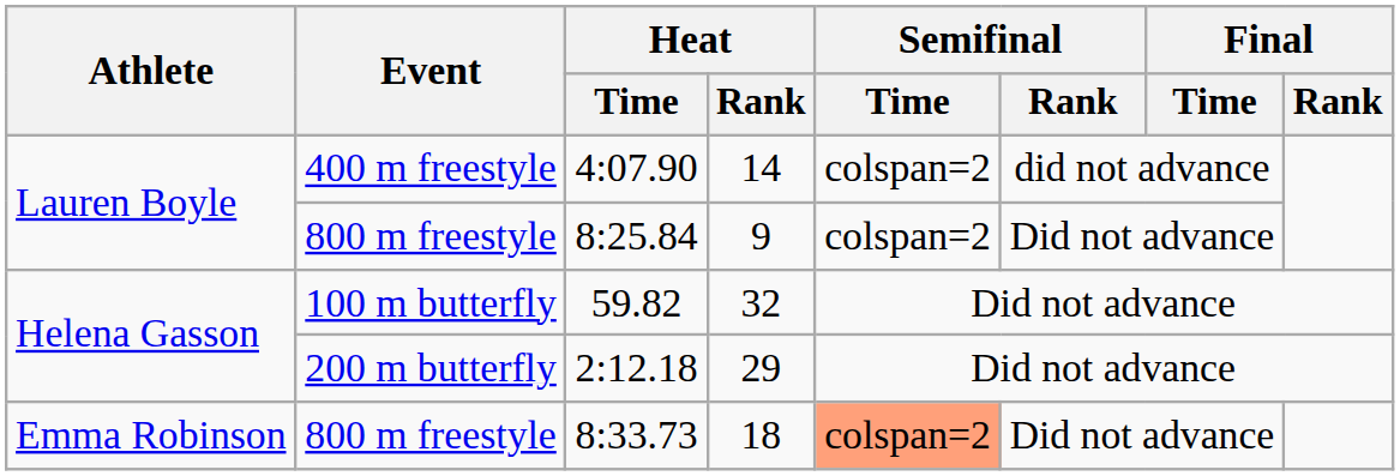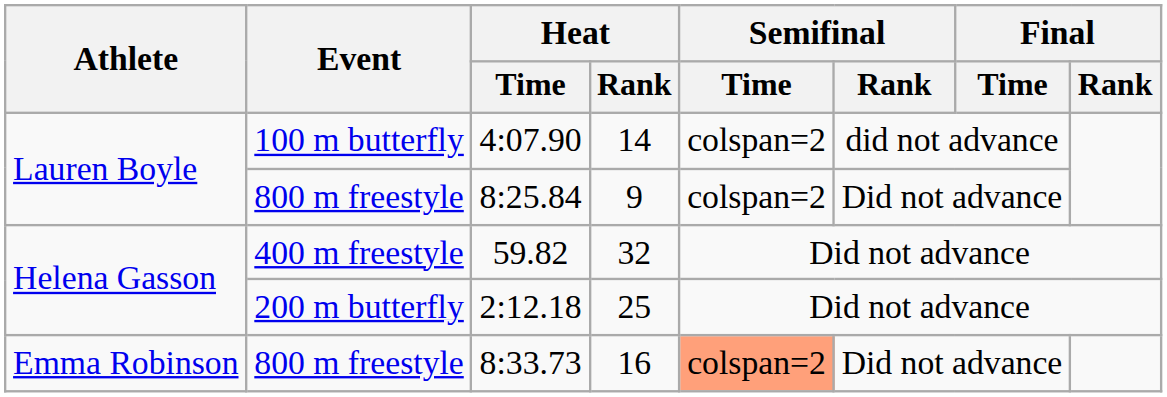 <table class=wikitable style="font-size:90%">
 <tr>
 <th rowspan="2">Athlete</th>
 <th rowspan="2">Event</th>
 <th colspan="2">Heat</th>
 <th colspan="2">Semifinal</th>
 <th colspan="2">Final</th>
 </tr>
 <tr style="font-size:95%">
 <th>Time</th>
 <th>Rank</th>
 <th>Time</th>
 <th>Rank</th>
 <th>Time</th>
 <th>Rank</th>
 </tr>
 <tr align=center>
 <td align=left rowspan=2><a href='#'>Lauren Boyle</a></td>
-<td align=left><a href='#'>400 m freestyle</a></td>
+<td align=left><a href='#'>100 m butterfly</a></td>
 <td>4:07.90</td>
 <td>14</td>
 <td>colspan=2 </td>
 <td colspan=2>did not advance</td>
 </tr>
 <tr align=center>
 <td align=left><a href='#'>800 m freestyle</a></td>
 <td>8:25.84</td>
 <td>9</td>
 <td>colspan=2 </td>
 <td colspan=2>Did not advance</td>
 </tr>
 <tr align=center>
 <td align=left rowspan=2><a href='#'>Helena Gasson</a></td>
-<td align=left><a href='#'>100 m butterfly</a></td>
+<td align=left><a href='#'>400 m freestyle</a></td>
 <td>59.82</td>
 <td>32</td>
 <td colspan=4>Did not advance</td>
 </tr>
 <tr align=center>
 <td align=left><a href='#'>200 m butterfly</a></td>
 <td>2:12.18</td>
-<td>29</td>
+<td>25</td>
 <td colspan=4>Did not advance</td>
 </tr>
 <tr align=center>
 <td align=left><a href='#'>Emma Robinson</a></td>
 <td align=left><a href='#'>800 m freestyle</a></td>
 <td>8:33.73</td>
-<td>18</td>
+<td>16</td>
 <td style="background: lightsalmon;">colspan=2 </td>
 <td colspan=2>Did not advance</td>
 </tr>
 </table>
